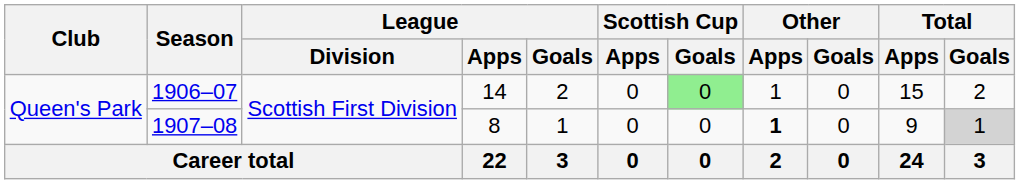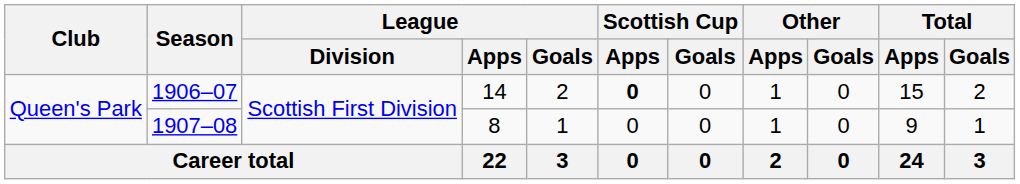 <table class="wikitable" style="text-align: center;">
 <tr>
 <th rowspan="2">Club</th>
 <th rowspan="2">Season</th>
 <th colspan="3">League</th>
 <th colspan="2">Scottish Cup</th>
 <th colspan="2">Other</th>
 <th colspan="2">Total</th>
 </tr>
 <tr>
 <th>Division</th>
 <th>Apps</th>
 <th>Goals</th>
 <th>Apps</th>
 <th>Goals</th>
 <th>Apps</th>
 <th>Goals</th>
 <th>Apps</th>
 <th>Goals</th>
 </tr>
 <tr>
 <td rowspan="2"><a href='#'>Queen's Park</a></td>
 <td><a href='#'>1906–07</a></td>
 <td rowspan="2"><a href='#'>Scottish First Division</a></td>
 <td>14</td>
 <td>2</td>
+<td><strong>0</strong></td>
 <td>0</td>
-<td style="background: lightgreen;">0</td>
 <td>1</td>
 <td>0</td>
 <td>15</td>
 <td>2</td>
 </tr>
 <tr>
 <td><a href='#'>1907–08</a></td>
 <td>8</td>
 <td>1</td>
 <td>0</td>
 <td>0</td>
-<td><strong>1</strong></td>
+<td>1</td>
 <td>0</td>
 <td>9</td>
-<td style="background: lightgrey;">1</td>
+<td>1</td>
 </tr>
 <tr>
 <th colspan="3">Career total</th>
 <th>22</th>
 <th>3</th>
 <th>0</th>
 <th>0</th>
 <th>2</th>
 <th>0</th>
 <th>24</th>
 <th>3</th>
 </tr>
 </table>
